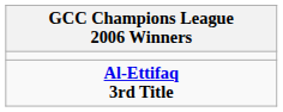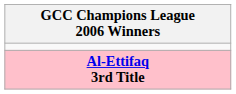 <table class="wikitable" style="text-align: center; margin: 0 auto; width: 20%">
 <tr>
 <th>GCC Champions League <br>2006 Winners</th>
 </tr>
 <tr>
 <td></td>
 </tr>
 <tr>
-<td><strong><a href='#'>Al-Ettifaq</a></strong><br><strong>3rd Title</strong></td>
+<td style="background: pink;"><strong><a href='#'>Al-Ettifaq</a></strong><br><strong>3rd Title</strong></td>
 </tr>
 </table>
